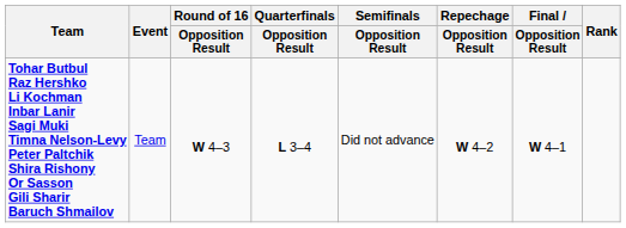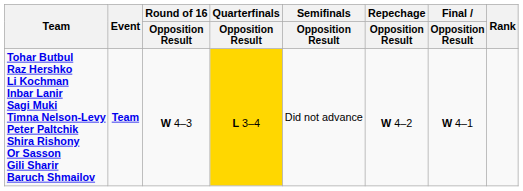 <table class="wikitable" style="font-size:90%; text-align:center">
 <tr>
 <th rowspan=2>Team</th>
 <th rowspan=2>Event</th>
 <th>Round of 16</th>
 <th>Quarterfinals</th>
 <th>Semifinals</th>
 <th>Repechage</th>
 <th>Final / </th>
 <th rowspan=2>Rank</th>
 </tr>
 <tr style="font-size:95%">
 <th>Opposition <br> Result</th>
 <th>Opposition <br> Result</th>
 <th>Opposition <br> Result</th>
 <th>Opposition <br> Result</th>
 <th>Opposition <br> Result</th>
 </tr>
 <tr>
 <td align=left><strong><a href='#'>Tohar Butbul</a><br><a href='#'>Raz Hershko</a><br><a href='#'>Li Kochman</a><br><a href='#'>Inbar Lanir</a><br><a href='#'>Sagi Muki</a><br><a href='#'>Timna Nelson-Levy</a><br><a href='#'>Peter Paltchik</a><br><a href='#'>Shira Rishony</a><br><a href='#'>Or Sasson</a><br><a href='#'>Gili Sharir</a><br><a href='#'>Baruch Shmailov</a></strong></td>
-<td><a href='#'>Team</a></td>
+<td><strong><a href='#'>Team</a></strong></td>
 <td><br><strong>W</strong> 4–3</td>
-<td><br><strong>L</strong> 3–4</td>
+<td style="background: gold;"><br><strong>L</strong> 3–4</td>
 <td>Did not advance</td>
 <td><br><strong>W</strong> 4–2</td>
 <td><br><strong>W</strong> 4–1</td>
 <td></td>
 </tr>
 </table>
